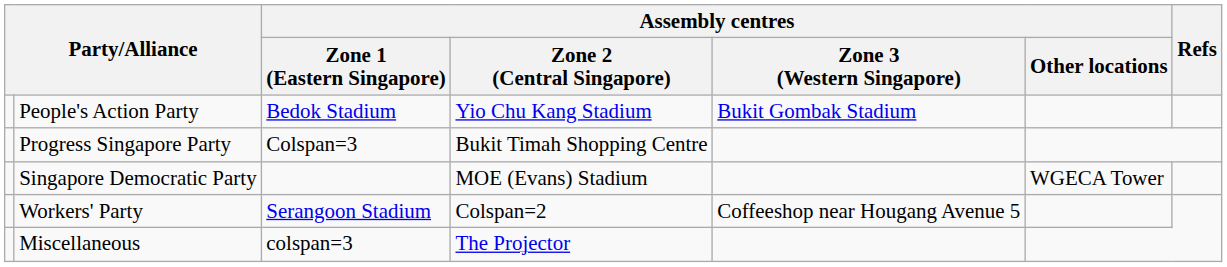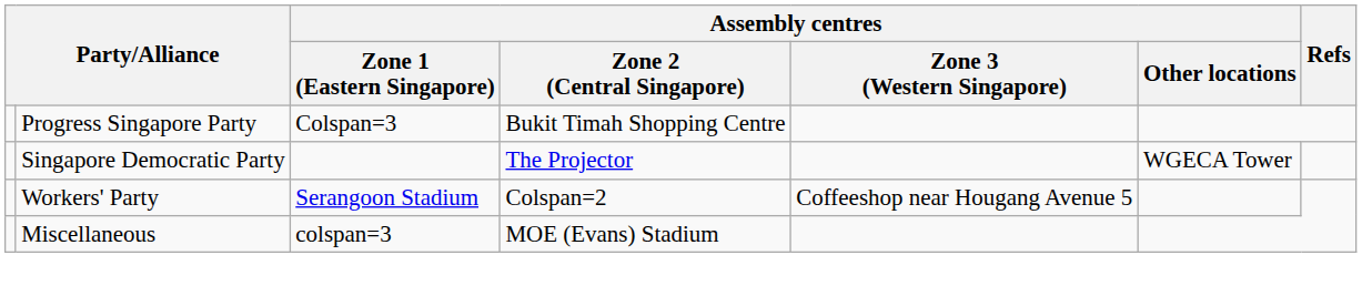 <table class="wikitable">
 <tr>
 <th rowspan="2" colspan=2>Party/Alliance</th>
 <th colspan="4">Assembly centres</th>
 <th rowspan="2">Refs</th>
 </tr>
 <tr>
 <th>Zone 1<br>(Eastern Singapore)</th>
 <th>Zone 2<br>(Central Singapore)</th>
 <th>Zone 3<br>(Western Singapore)</th>
 <th>Other locations</th>
 </tr>
 <tr>
 <td style="background: "></td>
-<td>People's Action Party</td>
-<td><a href='#'>Bedok Stadium</a></td>
-<td><a href='#'>Yio Chu Kang Stadium</a></td>
-<td><a href='#'>Bukit Gombak Stadium</a></td>
-<td></td>
-<td></td>
-</tr>
-<tr>
-<td style="background: "></td>
 <td>Progress Singapore Party</td>
 <td>Colspan=3 </td>
 <td>Bukit Timah Shopping Centre</td>
 <td></td>
 </tr>
 <tr>
 <td style="background: "></td>
 <td>Singapore Democratic Party</td>
 <td></td>
-<td>MOE (Evans) Stadium</td>
+<td><a href='#'>The Projector</a></td>
 <td></td>
 <td>WGECA Tower</td>
 <td></td>
 </tr>
 <tr>
 <td style="background: "></td>
 <td>Workers' Party</td>
 <td><a href='#'>Serangoon Stadium</a></td>
 <td>Colspan=2 </td>
 <td>Coffeeshop near Hougang Avenue 5</td>
 <td></td>
 </tr>
 <tr>
 <td style="background: "></td>
 <td>Miscellaneous</td>
 <td>colspan=3 </td>
-<td><a href='#'>The Projector</a></td>
+<td>MOE (Evans) Stadium</td>
 <td></td>
 </tr>
 </table>
